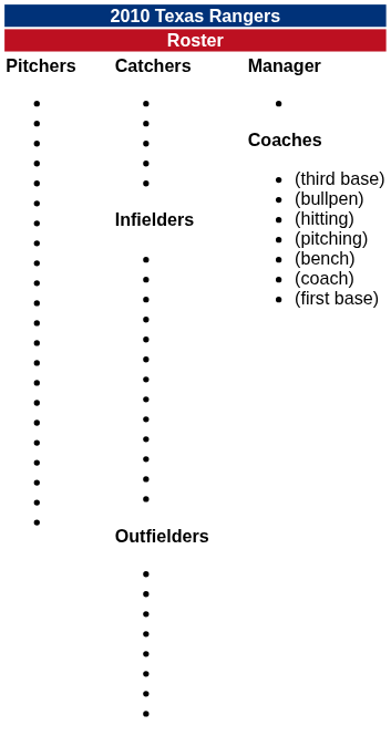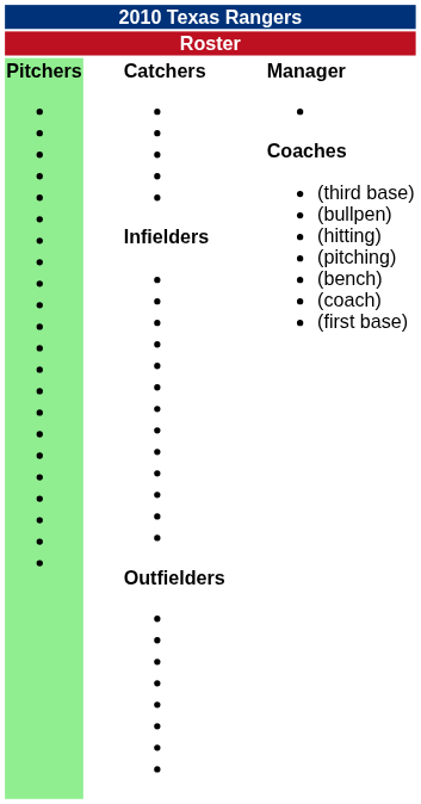 <table class="toccolours" style="font-size: 95%;">
 <tr>
 <th colspan="10" style="background:#003279; color:#fff; text-align:center;">2010 Texas Rangers</th>
 </tr>
 <tr>
 <td colspan="10" style="background:#bd1021; color:white; text-align:center;"><strong>Roster</strong></td>
 </tr>
 <tr>
-<td valign="top"><strong>Pitchers</strong><br><ul><li></li><li></li><li></li><li></li><li></li><li></li><li></li><li></li><li></li><li></li><li></li><li></li><li></li><li></li><li></li><li></li><li></li><li></li><li></li><li></li><li></li><li></li></ul></td>
+<td valign="top" style="background: lightgreen;"><strong>Pitchers</strong><br><ul><li></li><li></li><li></li><li></li><li></li><li></li><li></li><li></li><li></li><li></li><li></li><li></li><li></li><li></li><li></li><li></li><li></li><li></li><li></li><li></li><li></li><li></li></ul></td>
 <td style="width:25px;"></td>
 <td valign="top"><strong>Catchers</strong><br><ul><li></li><li></li><li></li><li></li><li></li></ul><strong>Infielders</strong><ul><li></li><li></li><li></li><li></li><li></li><li></li><li></li><li></li><li></li><li></li><li></li><li></li><li></li></ul><strong>Outfielders</strong><ul><li></li><li></li><li></li><li></li><li></li><li></li><li></li><li></li></ul></td>
 <td style="width:25px;"></td>
 <td valign="top"><strong>Manager</strong><br><ul><li></li></ul><strong>Coaches</strong><ul><li> (third base)</li><li> (bullpen)</li><li> (hitting)</li><li> (pitching)</li><li> (bench)</li><li> (coach)</li><li> (first base)</li></ul></td>
 </tr>
 </table>
